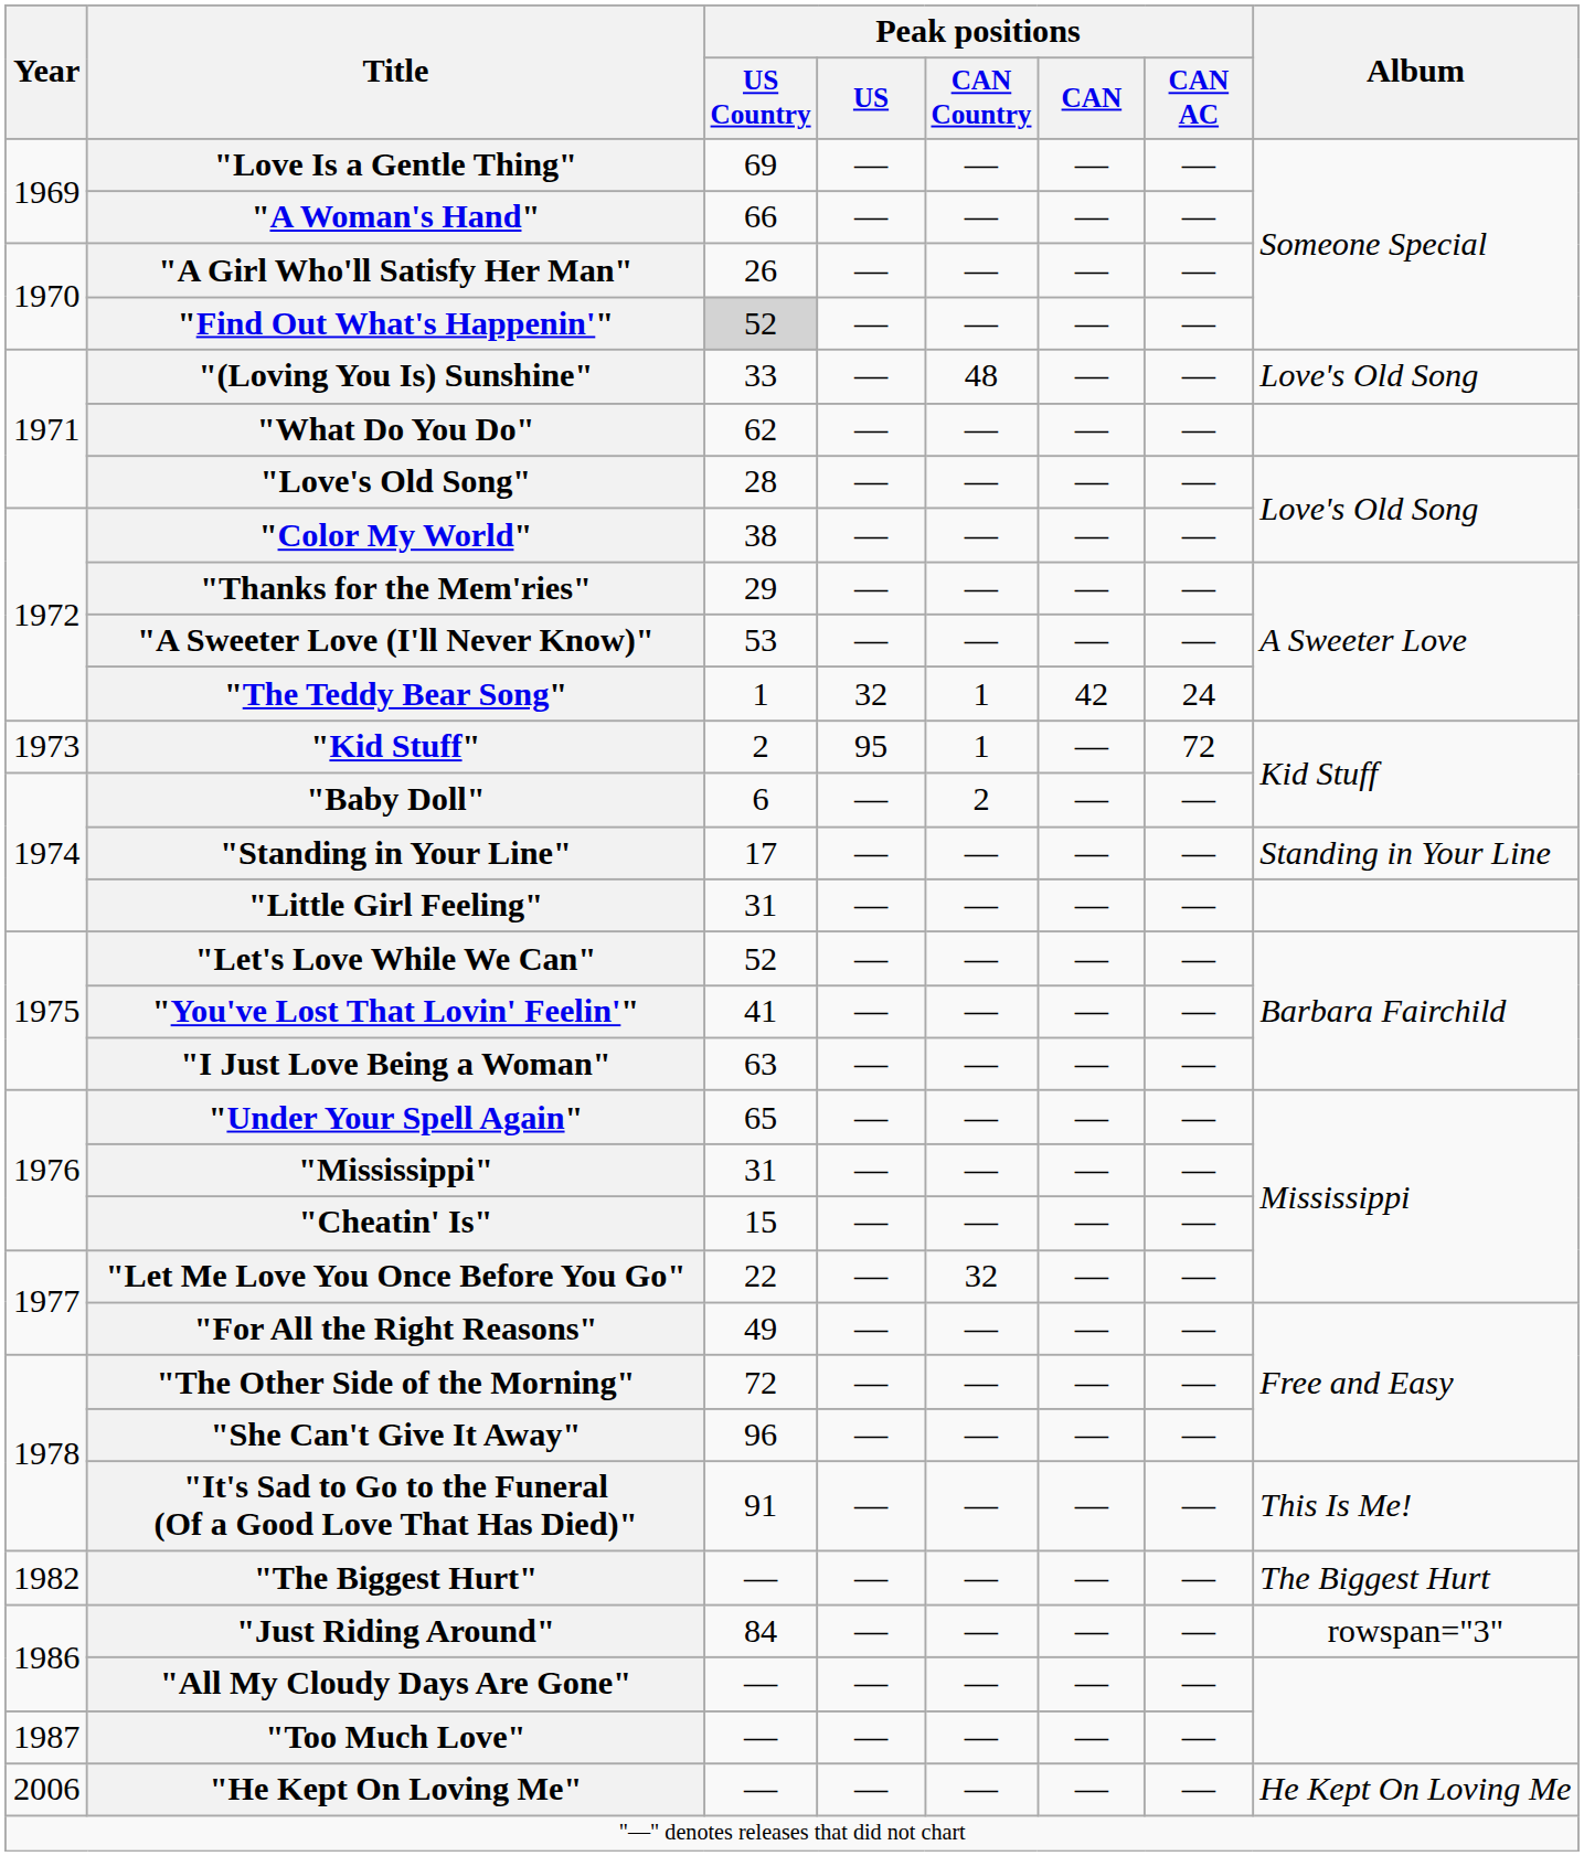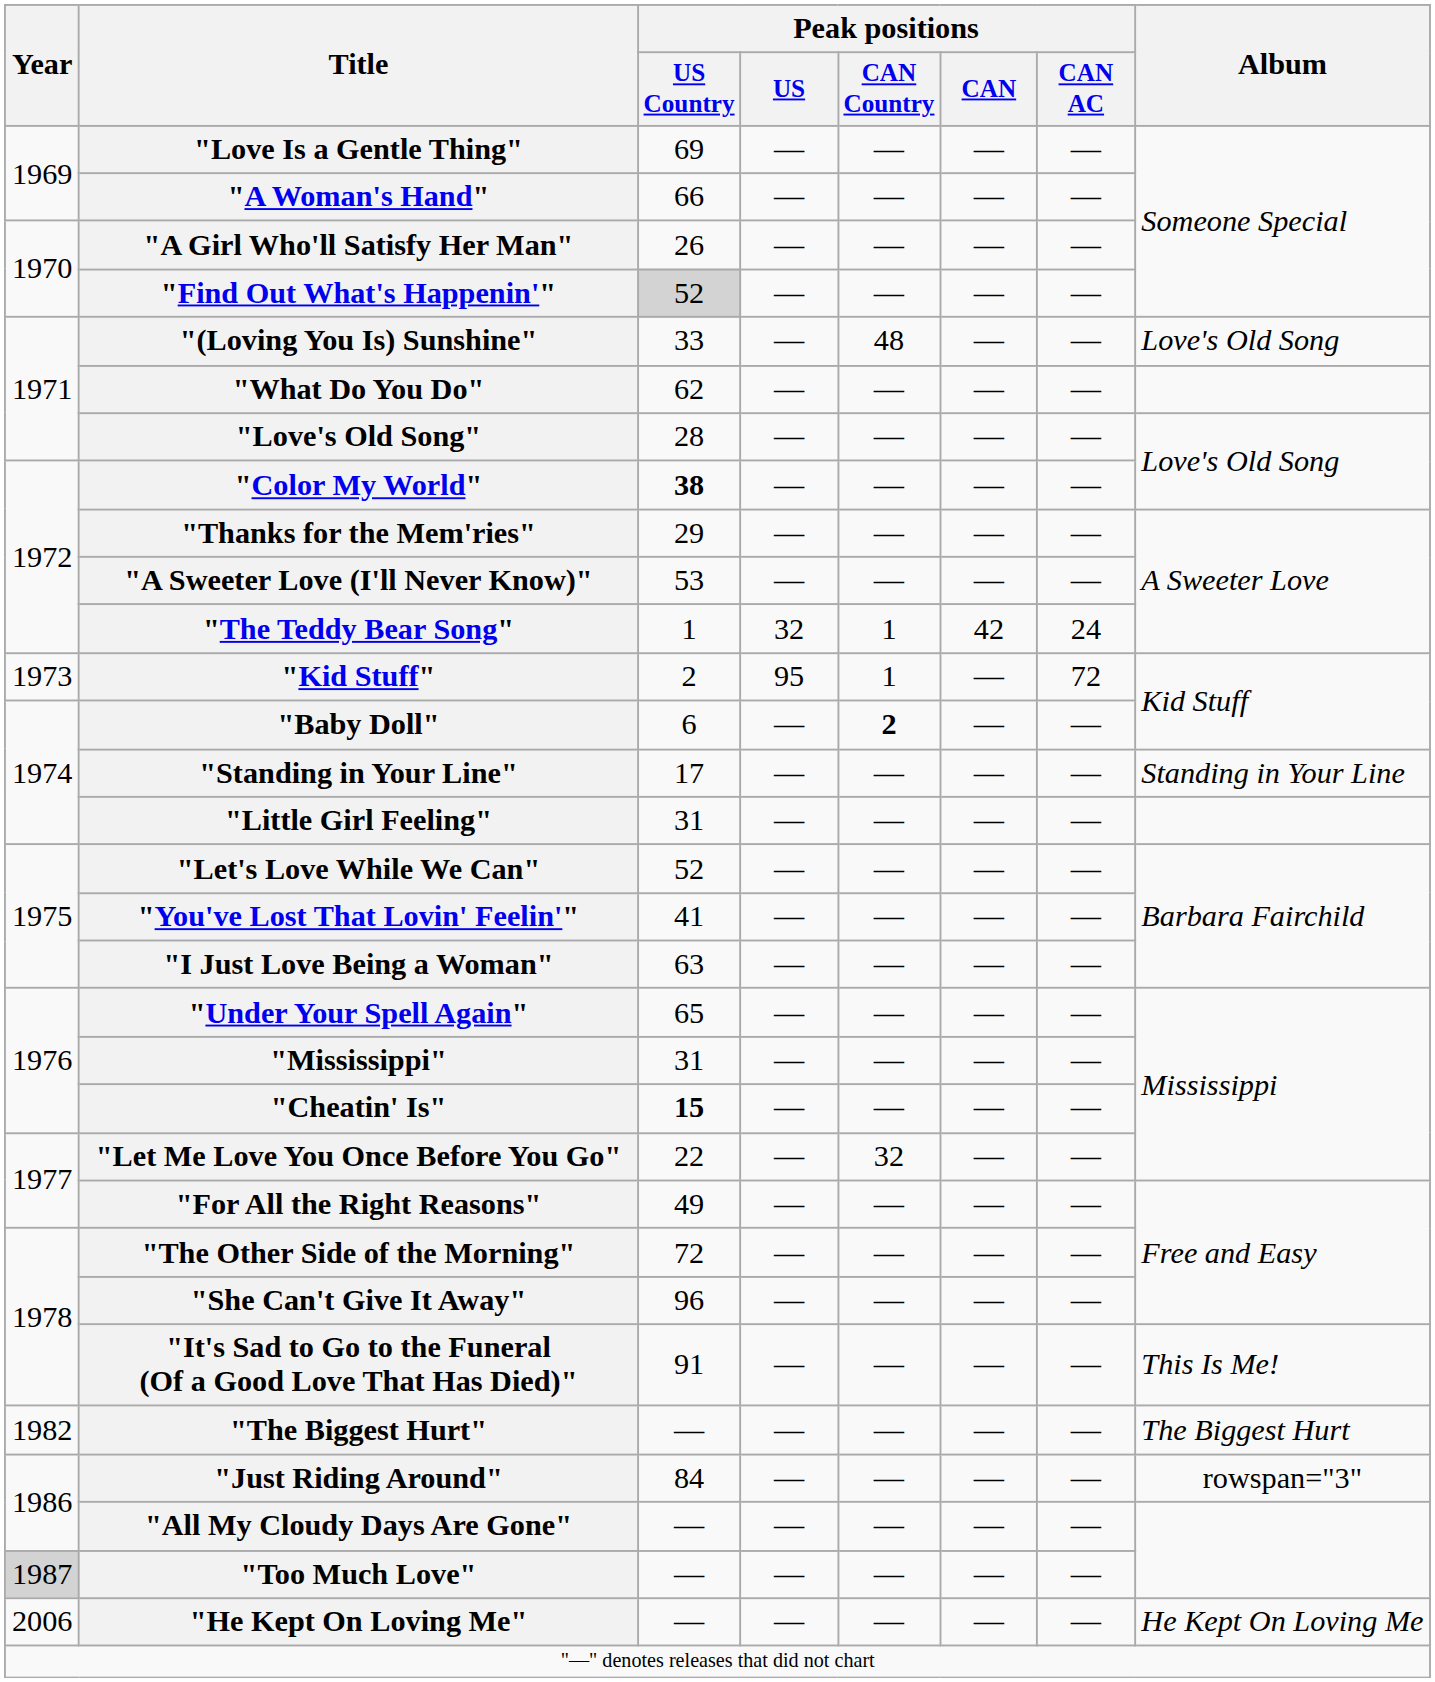 <table class="wikitable plainrowheaders" style="text-align:center;">
 <tr>
 <th rowspan="2">Year</th>
 <th rowspan="2" style="width:18em;">Title</th>
 <th colspan="5">Peak positions</th>
 <th rowspan="2">Album</th>
 </tr>
 <tr style="font-size:smaller;">
 <th style="width:45px;"><a href='#'>US Country</a></th>
 <th style="width:45px;"><a href='#'>US</a></th>
 <th style="width:45px;"><a href='#'>CAN Country</a></th>
 <th style="width:45px;"><a href='#'>CAN</a></th>
 <th style="width:45px;"><a href='#'>CAN AC</a></th>
 </tr>
 <tr>
 <td rowspan="2">1969</td>
 <th scope="row">"Love Is a Gentle Thing"</th>
 <td>69</td>
 <td>—</td>
 <td>—</td>
 <td>—</td>
 <td>—</td>
 <td align="left" rowspan="4"><em>Someone Special</em></td>
 </tr>
 <tr>
 <th scope="row">"<a href='#'>A Woman's Hand</a>"</th>
 <td>66</td>
 <td>—</td>
 <td>—</td>
 <td>—</td>
 <td>—</td>
 </tr>
 <tr>
 <td rowspan="2">1970</td>
 <th scope="row">"A Girl Who'll Satisfy Her Man"</th>
 <td>26</td>
 <td>—</td>
 <td>—</td>
 <td>—</td>
 <td>—</td>
 </tr>
 <tr>
 <th scope="row">"<a href='#'>Find Out What's Happenin'</a>"</th>
 <td style="background: lightgrey;">52</td>
 <td>—</td>
 <td>—</td>
 <td>—</td>
 <td>—</td>
 </tr>
 <tr>
 <td rowspan="3">1971</td>
 <th scope="row">"(Loving You Is) Sunshine"</th>
 <td>33</td>
 <td>—</td>
 <td>48</td>
 <td>—</td>
 <td>—</td>
 <td align="left"><em>Love's Old Song</em></td>
 </tr>
 <tr>
 <th scope="row">"What Do You Do"</th>
 <td>62</td>
 <td>—</td>
 <td>—</td>
 <td>—</td>
 <td>—</td>
 <td></td>
 </tr>
 <tr>
 <th scope="row">"Love's Old Song"</th>
 <td>28</td>
 <td>—</td>
 <td>—</td>
 <td>—</td>
 <td>—</td>
 <td align="left" rowspan="2"><em>Love's Old Song</em></td>
 </tr>
 <tr>
 <td rowspan="4">1972</td>
 <th scope="row">"<a href='#'>Color My World</a>"</th>
-<td>38</td>
+<td><strong>38</strong></td>
 <td>—</td>
 <td>—</td>
 <td>—</td>
 <td>—</td>
 </tr>
 <tr>
 <th scope="row">"Thanks for the Mem'ries"</th>
 <td>29</td>
 <td>—</td>
 <td>—</td>
 <td>—</td>
 <td>—</td>
 <td align="left" rowspan="3"><em>A Sweeter Love</em></td>
 </tr>
 <tr>
 <th scope="row">"A Sweeter Love (I'll Never Know)"</th>
 <td>53</td>
 <td>—</td>
 <td>—</td>
 <td>—</td>
 <td>—</td>
 </tr>
 <tr>
 <th scope="row">"<a href='#'>The Teddy Bear Song</a>"</th>
 <td>1</td>
 <td>32</td>
 <td>1</td>
 <td>42</td>
 <td>24</td>
 </tr>
 <tr>
 <td>1973</td>
 <th scope="row">"<a href='#'>Kid Stuff</a>"</th>
 <td>2</td>
 <td>95</td>
 <td>1</td>
 <td>—</td>
 <td>72</td>
 <td align="left" rowspan="2"><em>Kid Stuff</em></td>
 </tr>
 <tr>
 <td rowspan="3">1974</td>
 <th scope="row">"Baby Doll"</th>
 <td>6</td>
 <td>—</td>
-<td>2</td>
+<td><strong>2</strong></td>
 <td>—</td>
 <td>—</td>
 </tr>
 <tr>
 <th scope="row">"Standing in Your Line"</th>
 <td>17</td>
 <td>—</td>
 <td>—</td>
 <td>—</td>
 <td>—</td>
 <td align="left"><em>Standing in Your Line</em></td>
 </tr>
 <tr>
 <th scope="row">"Little Girl Feeling"</th>
 <td>31</td>
 <td>—</td>
 <td>—</td>
 <td>—</td>
 <td>—</td>
 <td></td>
 </tr>
 <tr>
 <td rowspan="3">1975</td>
 <th scope="row">"Let's Love While We Can"</th>
 <td>52</td>
 <td>—</td>
 <td>—</td>
 <td>—</td>
 <td>—</td>
 <td align="left" rowspan="3"><em>Barbara Fairchild</em></td>
 </tr>
 <tr>
 <th scope="row">"<a href='#'>You've Lost That Lovin' Feelin'</a>"</th>
 <td>41</td>
 <td>—</td>
 <td>—</td>
 <td>—</td>
 <td>—</td>
 </tr>
 <tr>
 <th scope="row">"I Just Love Being a Woman"</th>
 <td>63</td>
 <td>—</td>
 <td>—</td>
 <td>—</td>
 <td>—</td>
 </tr>
 <tr>
 <td rowspan="3">1976</td>
 <th scope="row">"<a href='#'>Under Your Spell Again</a>"</th>
 <td>65</td>
 <td>—</td>
 <td>—</td>
 <td>—</td>
 <td>—</td>
 <td align="left" rowspan="4"><em>Mississippi</em></td>
 </tr>
 <tr>
 <th scope="row">"Mississippi"</th>
 <td>31</td>
 <td>—</td>
 <td>—</td>
 <td>—</td>
 <td>—</td>
 </tr>
 <tr>
 <th scope="row">"Cheatin' Is"</th>
-<td>15</td>
+<td><strong>15</strong></td>
 <td>—</td>
 <td>—</td>
 <td>—</td>
 <td>—</td>
 </tr>
 <tr>
 <td rowspan="2">1977</td>
 <th scope="row">"Let Me Love You Once Before You Go"</th>
 <td>22</td>
 <td>—</td>
 <td>32</td>
 <td>—</td>
 <td>—</td>
 </tr>
 <tr>
 <th scope="row">"For All the Right Reasons"</th>
 <td>49</td>
 <td>—</td>
 <td>—</td>
 <td>—</td>
 <td>—</td>
 <td align="left" rowspan="3"><em>Free and Easy</em></td>
 </tr>
 <tr>
 <td rowspan="3">1978</td>
 <th scope="row">"The Other Side of the Morning"</th>
 <td>72</td>
 <td>—</td>
 <td>—</td>
 <td>—</td>
 <td>—</td>
 </tr>
 <tr>
 <th scope="row">"She Can't Give It Away"</th>
 <td>96</td>
 <td>—</td>
 <td>—</td>
 <td>—</td>
 <td>—</td>
 </tr>
 <tr>
 <th scope="row">"It's Sad to Go to the Funeral<br>(Of a Good Love That Has Died)"</th>
 <td>91</td>
 <td>—</td>
 <td>—</td>
 <td>—</td>
 <td>—</td>
 <td align="left"><em>This Is Me!</em></td>
 </tr>
 <tr>
 <td>1982</td>
 <th scope="row">"The Biggest Hurt"</th>
 <td>—</td>
 <td>—</td>
 <td>—</td>
 <td>—</td>
 <td>—</td>
 <td align="left"><em>The Biggest Hurt</em></td>
 </tr>
 <tr>
 <td rowspan="2">1986</td>
 <th scope="row">"Just Riding Around"</th>
 <td>84</td>
 <td>—</td>
 <td>—</td>
 <td>—</td>
 <td>—</td>
 <td>rowspan="3" </td>
 </tr>
 <tr>
 <th scope="row">"All My Cloudy Days Are Gone"</th>
 <td>—</td>
 <td>—</td>
 <td>—</td>
 <td>—</td>
 <td>—</td>
 </tr>
 <tr>
-<td>1987</td>
+<td style="background: lightgrey;">1987</td>
 <th scope="row">"Too Much Love"</th>
 <td>—</td>
 <td>—</td>
 <td>—</td>
 <td>—</td>
 <td>—</td>
 </tr>
 <tr>
 <td>2006</td>
 <th scope="row">"He Kept On Loving Me"</th>
 <td>—</td>
 <td>—</td>
 <td>—</td>
 <td>—</td>
 <td>—</td>
 <td align="left"><em>He Kept On Loving Me</em></td>
 </tr>
 <tr>
 <td colspan="8" style="font-size:8pt">"—" denotes releases that did not chart</td>
 </tr>
 </table>
